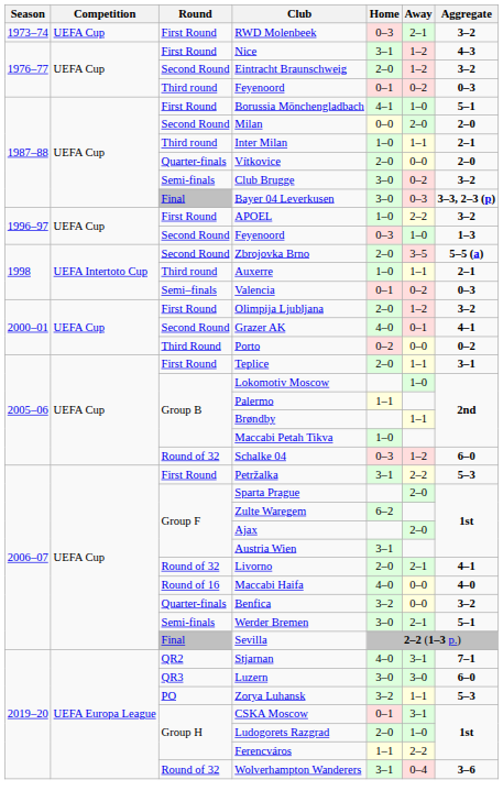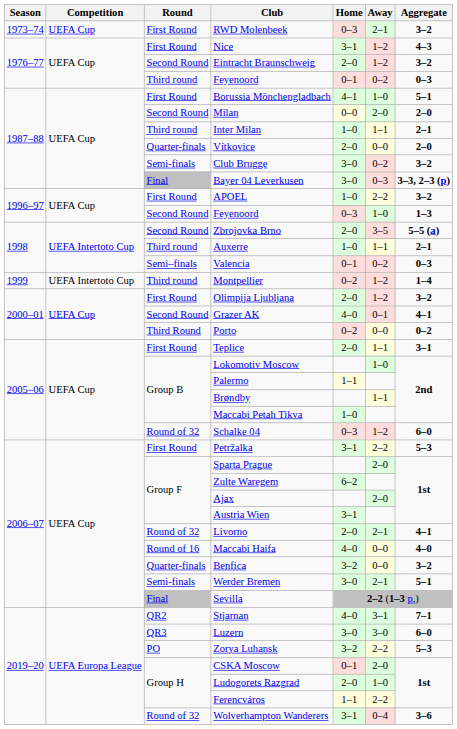 <table class="wikitable" style="text-align:left">
 <tr>
 <th>Season</th>
 <th>Competition</th>
 <th>Round</th>
 <th>Club</th>
 <th>Home</th>
 <th>Away</th>
 <th>Aggregate</th>
 </tr>
 <tr>
 <td><a href='#'>1973–74</a></td>
 <td><a href='#'>UEFA Cup</a></td>
 <td><a href='#'>First Round</a></td>
 <td> <a href='#'>RWD Molenbeek</a></td>
 <td style="text-align:center; background:#fdd;">0–3</td>
 <td style="text-align:center; background:#dfd;">2–1</td>
 <td style="text-align:center;"><strong>3–2</strong></td>
 </tr>
 <tr>
 <td rowspan="3"><a href='#'>1976–77</a></td>
 <td rowspan="3">UEFA Cup</td>
 <td><a href='#'>First Round</a></td>
 <td> <a href='#'>Nice</a></td>
 <td style="text-align:center; background:#dfd;">3–1</td>
 <td style="text-align:center; background:#fdd;">1–2</td>
 <td style="text-align:center;"><strong>4–3</strong></td>
 </tr>
 <tr>
 <td><a href='#'>Second Round</a></td>
 <td> <a href='#'>Eintracht Braunschweig</a></td>
 <td style="text-align:center; background:#dfd;">2–0</td>
 <td style="text-align:center; background:#fdd;">1–2</td>
 <td style="text-align:center;"><strong>3–2</strong></td>
 </tr>
 <tr>
 <td><a href='#'>Third round</a></td>
 <td> <a href='#'>Feyenoord</a></td>
 <td style="text-align:center; background:#fdd;">0–1</td>
 <td style="text-align:center; background:#fdd;">0–2</td>
 <td style="text-align:center;"><strong>0–3</strong></td>
 </tr>
 <tr>
 <td rowspan="6"><a href='#'>1987–88</a></td>
 <td rowspan="6">UEFA Cup</td>
 <td><a href='#'>First Round</a></td>
 <td> <a href='#'>Borussia Mönchengladbach</a></td>
 <td style="text-align:center; background:#dfd;">4–1</td>
 <td style="text-align:center; background:#dfd;">1–0</td>
 <td style="text-align:center;"><strong>5–1</strong></td>
 </tr>
 <tr>
 <td><a href='#'>Second Round</a></td>
 <td> <a href='#'>Milan</a></td>
 <td style="text-align:center; background:#ffd;">0–0</td>
 <td style="text-align:center; background:#dfd;">2–0</td>
 <td style="text-align:center;"><strong>2–0</strong></td>
 </tr>
 <tr>
 <td><a href='#'>Third round</a></td>
 <td> <a href='#'>Inter Milan</a></td>
 <td style="text-align:center; background:#dfd;">1–0</td>
 <td style="text-align:center; background:#ffd;">1–1</td>
 <td style="text-align:center;"><strong>2–1</strong></td>
 </tr>
 <tr>
 <td><a href='#'>Quarter-finals</a></td>
 <td> <a href='#'>Vítkovice</a></td>
 <td style="text-align:center; background:#dfd;">2–0</td>
 <td style="text-align:center; background:#ffd;">0–0</td>
 <td style="text-align:center;"><strong>2–0</strong></td>
 </tr>
 <tr>
 <td><a href='#'>Semi-finals</a></td>
 <td> <a href='#'>Club Brugge</a></td>
 <td style="text-align:center; background:#dfd;">3–0 </td>
 <td style="text-align:center; background:#fdd;">0–2</td>
 <td style="text-align:center;"><strong>3–2</strong></td>
 </tr>
 <tr>
 <td bgcolor=silver><a href='#'>Final</a></td>
 <td> <a href='#'>Bayer 04 Leverkusen</a></td>
 <td style="text-align:center; background:#dfd;">3–0</td>
 <td style="text-align:center; background:#fdd;">0–3</td>
 <td style="text-align:center;"><strong>3–3, 2–3 (<a href='#'>p</a>)</strong></td>
 </tr>
 <tr>
 <td rowspan="2"><a href='#'>1996–97</a></td>
 <td rowspan="2">UEFA Cup</td>
 <td><a href='#'>First Round</a></td>
 <td> <a href='#'>APOEL</a></td>
 <td style="text-align:center; background:#dfd;">1–0</td>
 <td style="text-align:center; background:#ffd;">2–2</td>
 <td style="text-align:center;"><strong>3–2</strong></td>
 </tr>
 <tr>
 <td><a href='#'>Second Round</a></td>
 <td> <a href='#'>Feyenoord</a></td>
 <td style="text-align:center; background:#fdd;">0–3</td>
 <td style="text-align:center; background:#dfd;">1–0</td>
 <td style="text-align:center;"><strong>1–3</strong></td>
 </tr>
 <tr>
 <td rowspan="3"><a href='#'>1998</a></td>
 <td rowspan="3"><a href='#'>UEFA Intertoto Cup</a></td>
 <td><a href='#'>Second Round</a></td>
 <td> <a href='#'>Zbrojovka Brno</a></td>
 <td style="text-align:center; background:#dfd;">2–0</td>
 <td style="text-align:center; background:#fdd;">3–5</td>
 <td style="text-align:center;"><strong>5–5 (<a href='#'>a</a>)</strong></td>
 </tr>
 <tr>
 <td><a href='#'>Third round</a></td>
 <td> <a href='#'>Auxerre</a></td>
 <td style="text-align:center; background:#dfd;">1–0</td>
 <td style="text-align:center; background:#ffd;">1–1</td>
 <td style="text-align:center;"><strong>2–1</strong></td>
 </tr>
 <tr>
 <td><a href='#'>Semi–finals</a></td>
 <td> <a href='#'>Valencia</a></td>
 <td style="text-align:center; background:#fdd;">0–1</td>
 <td style="text-align:center; background:#fdd;">0–2</td>
 <td style="text-align:center;"><strong>0–3</strong></td>
+</tr>
+<tr>
+<td><a href='#'>1999</a></td>
+<td>UEFA Intertoto Cup</td>
+<td><a href='#'>Third round</a></td>
+<td> <a href='#'>Montpellier</a></td>
+<td style="text-align:center; background:#fdd;">0–2</td>
+<td style="text-align:center; background:#fdd;">1–2</td>
+<td style="text-align:center;"><strong>1–4</strong></td>
 </tr>
 <tr>
 <td rowspan="3"><a href='#'>2000–01</a></td>
 <td rowspan="3"><a href='#'>UEFA Cup</a></td>
 <td><a href='#'>First Round</a></td>
 <td> <a href='#'>Olimpija Ljubljana</a></td>
 <td style="text-align:center; background:#dfd;">2–0</td>
 <td style="text-align:center; background:#fdd;">1–2</td>
 <td style="text-align:center;"><strong>3–2</strong></td>
 </tr>
 <tr>
 <td><a href='#'>Second Round</a></td>
 <td> <a href='#'>Grazer AK</a></td>
 <td style="text-align:center; background:#dfd;">4–0</td>
 <td style="text-align:center; background:#fdd;">0–1</td>
 <td style="text-align:center;"><strong>4–1</strong></td>
 </tr>
 <tr>
 <td><a href='#'>Third Round</a></td>
 <td> <a href='#'>Porto</a></td>
 <td style="text-align:center; background:#fdd;">0–2</td>
 <td style="text-align:center; background:#ffd;">0–0</td>
 <td style="text-align:center;"><strong>0–2</strong></td>
 </tr>
 <tr>
 <td rowspan="6"><a href='#'>2005–06</a></td>
 <td rowspan="6">UEFA Cup</td>
 <td><a href='#'>First Round</a></td>
 <td> <a href='#'>Teplice</a></td>
 <td style="text-align:center; background:#dfd;">2–0</td>
 <td style="text-align:center; background:#ffd;">1–1</td>
 <td style="text-align:center;"><strong>3–1</strong></td>
 </tr>
 <tr>
 <td rowspan=4>Group B</td>
 <td> <a href='#'>Lokomotiv Moscow</a></td>
 <td></td>
 <td style="text-align:center; background:#dfd;">1–0</td>
 <td style="text-align:center;" rowspan=4><strong>2nd</strong></td>
 </tr>
 <tr>
 <td> <a href='#'>Palermo</a></td>
 <td style="text-align:center; background:#ffd;">1–1</td>
 <td></td>
 </tr>
 <tr>
 <td> <a href='#'>Brøndby</a></td>
 <td></td>
 <td style="text-align:center; background:#ffd;">1–1</td>
 </tr>
 <tr>
 <td> <a href='#'>Maccabi Petah Tikva</a></td>
 <td style="text-align:center; background:#dfd;">1–0</td>
 <td></td>
 </tr>
 <tr>
 <td><a href='#'>Round of 32</a></td>
 <td> <a href='#'>Schalke 04</a></td>
 <td style="text-align:center; background:#fdd;">0–3</td>
 <td style="text-align:center; background:#fdd;">1–2</td>
 <td style="text-align:center;"><strong>6–0</strong></td>
 </tr>
 <tr>
 <td rowspan="10"><a href='#'>2006–07</a></td>
 <td rowspan="10">UEFA Cup</td>
 <td><a href='#'>First Round</a></td>
 <td> <a href='#'>Petržalka</a></td>
 <td style="text-align:center; background:#dfd;">3–1</td>
 <td style="text-align:center; background:#ffd;">2–2</td>
 <td style="text-align:center;"><strong>5–3</strong></td>
 </tr>
 <tr>
 <td rowspan=4>Group F</td>
 <td> <a href='#'>Sparta Prague</a></td>
 <td></td>
 <td style="text-align:center; background:#dfd;">2–0</td>
 <td style="text-align:center;" rowspan=4><strong>1st</strong></td>
 </tr>
 <tr>
 <td> <a href='#'>Zulte Waregem</a></td>
 <td style="text-align:center; background:#dfd;">6–2</td>
 <td></td>
 </tr>
 <tr>
 <td> <a href='#'>Ajax</a></td>
 <td></td>
 <td style="text-align:center; background:#dfd;">2–0</td>
 </tr>
 <tr>
 <td> <a href='#'>Austria Wien</a></td>
 <td style="text-align:center; background:#dfd;">3–1</td>
 <td></td>
 </tr>
 <tr>
 <td><a href='#'>Round of 32</a></td>
 <td> <a href='#'>Livorno</a></td>
 <td style="text-align:center; background:#dfd;">2–0</td>
 <td style="text-align:center; background:#dfd;">2–1</td>
 <td style="text-align:center;"><strong>4–1</strong></td>
 </tr>
 <tr>
 <td><a href='#'>Round of 16</a></td>
 <td> <a href='#'>Maccabi Haifa</a></td>
 <td style="text-align:center; background:#dfd;">4–0</td>
 <td style="text-align:center; background:#ffd;">0–0</td>
 <td style="text-align:center;"><strong>4–0</strong></td>
 </tr>
 <tr>
 <td><a href='#'>Quarter-finals</a></td>
 <td> <a href='#'>Benfica</a></td>
 <td style="text-align:center; background:#dfd;">3–2</td>
 <td style="text-align:center; background:#ffd;">0–0</td>
 <td style="text-align:center;"><strong>3–2</strong></td>
 </tr>
 <tr>
 <td><a href='#'>Semi-finals</a></td>
 <td> <a href='#'>Werder Bremen</a></td>
 <td style="text-align:center; background:#dfd;">3–0</td>
 <td style="text-align:center; background:#dfd;">2–1</td>
 <td style="text-align:center;"><strong>5–1</strong></td>
 </tr>
 <tr>
 <td bgcolor=silver><a href='#'>Final</a></td>
 <td> <a href='#'>Sevilla</a></td>
 <td colspan=3; bgcolor=Silver style="text-align:center;"><strong>2–2</strong>  (<strong>1–3</strong> <a href='#'>p.</a>)</td>
 </tr>
 <tr>
 <td rowspan="7"><a href='#'>2019–20</a></td>
 <td rowspan="7"><a href='#'>UEFA Europa League</a></td>
 <td><a href='#'>QR2</a></td>
 <td> <a href='#'>Stjarnan</a></td>
 <td style="text-align:center; background:#dfd;">4–0</td>
 <td style="text-align:center; background:#dfd;">3–1</td>
 <td style="text-align:center;"><strong>7–1</strong></td>
 </tr>
 <tr>
 <td><a href='#'>QR3</a></td>
 <td> <a href='#'>Luzern</a></td>
 <td style="text-align:center; background:#dfd;">3–0</td>
 <td style="text-align:center; background:#dfd;">3–0</td>
 <td style="text-align:center;"><strong>6–0</strong></td>
 </tr>
 <tr>
 <td><a href='#'>PO</a></td>
 <td> <a href='#'>Zorya Luhansk</a></td>
 <td style="text-align:center; background:#dfd;">3–2</td>
-<td style="text-align:center; background:#ffd;">1–1</td>
+<td style="text-align:center; background:#ffd;">2–2</td>
 <td style="text-align:center;"><strong>5–3</strong></td>
 </tr>
 <tr>
 <td rowspan="3">Group H</td>
 <td> <a href='#'>CSKA Moscow</a></td>
 <td style="text-align:center; background:#fdd;">0–1</td>
-<td style="text-align:center; background:#dfd;">3–1</td>
+<td style="text-align:center; background:#dfd;">2–0</td>
 <td rowspan="3" style="text-align:center;"><strong>1st</strong></td>
 </tr>
 <tr>
 <td> <a href='#'>Ludogorets Razgrad</a></td>
 <td style="text-align:center; background:#dfd;">2–0</td>
 <td style="text-align:center; background:#dfd;">1–0</td>
 </tr>
 <tr>
 <td> <a href='#'>Ferencváros</a></td>
 <td style="text-align:center; background:#ffd;">1–1</td>
 <td style="text-align:center; background:#ffd;">2–2</td>
 </tr>
 <tr>
 <td><a href='#'>Round of 32</a></td>
 <td> <a href='#'>Wolverhampton Wanderers</a></td>
 <td style="text-align:center; background:#dfd;">3–1</td>
 <td style="text-align:center; background:#fdd;">0–4</td>
 <td style="text-align:center;"><strong>3–6</strong></td>
 </tr>
 </table>
